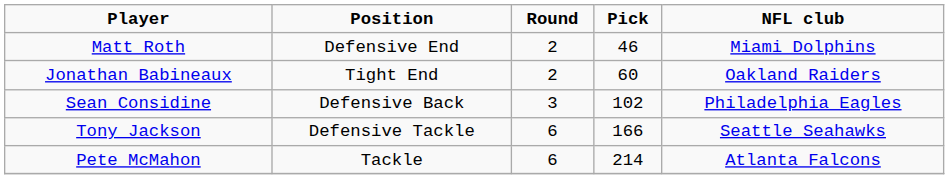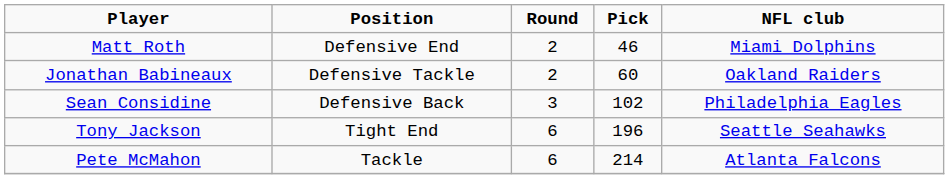 <table class="wikitable" width="80%">
 <tr align="center">
 <td><strong>Player</strong></td>
 <td><strong>Position</strong></td>
 <td><strong>Round</strong></td>
 <td><strong>Pick</strong></td>
 <td><strong>NFL club</strong></td>
 </tr>
 <tr align="center" bgcolor="">
 <td><a href='#'>Matt Roth</a></td>
 <td>Defensive End</td>
 <td>2</td>
 <td>46</td>
 <td><a href='#'>Miami Dolphins</a></td>
 </tr>
 <tr align="center" bgcolor="">
 <td><a href='#'>Jonathan Babineaux</a></td>
-<td>Tight End</td>
+<td>Defensive Tackle</td>
 <td>2</td>
 <td>60</td>
 <td><a href='#'>Oakland Raiders</a></td>
 </tr>
 <tr align="center" bgcolor="">
 <td><a href='#'>Sean Considine</a></td>
 <td>Defensive Back</td>
 <td>3</td>
 <td>102</td>
 <td><a href='#'>Philadelphia Eagles</a></td>
 </tr>
 <tr align="center" bgcolor="">
 <td><a href='#'>Tony Jackson</a></td>
-<td>Defensive Tackle</td>
+<td>Tight End</td>
 <td>6</td>
-<td>166</td>
+<td>196</td>
 <td><a href='#'>Seattle Seahawks</a></td>
 </tr>
 <tr align="center" bgcolor="">
 <td><a href='#'>Pete McMahon</a></td>
 <td>Tackle</td>
 <td>6</td>
 <td>214</td>
 <td><a href='#'>Atlanta Falcons</a></td>
 </tr>
 <tr align="center" bgcolor="">
 </tr>
 </table>
